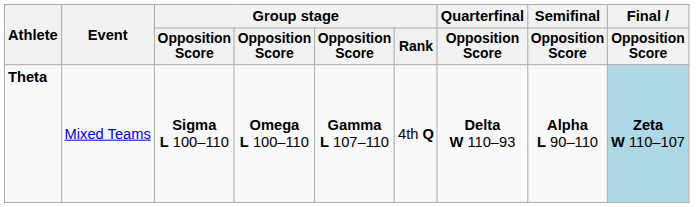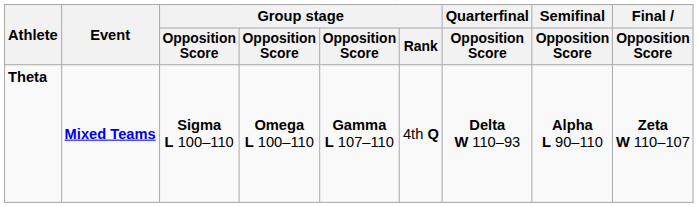 <table class="wikitable" style="font-size:90%">
 <tr>
 <th rowspan=2>Athlete</th>
 <th rowspan=2>Event</th>
 <th colspan=4>Group stage</th>
 <th>Quarterfinal</th>
 <th>Semifinal</th>
 <th>Final / </th>
 </tr>
 <tr style="font-size:95%">
 <th>Opposition<br>Score</th>
 <th>Opposition<br>Score</th>
 <th>Opposition<br>Score</th>
 <th>Rank</th>
 <th>Opposition<br>Score</th>
 <th>Opposition<br>Score</th>
 <th>Opposition<br>Score</th>
 </tr>
 <tr align=center>
 <td align=left><strong>Theta</strong><br><br><br><br><br><br><br><br></td>
-<td align=left><a href='#'>Mixed Teams</a></td>
+<td align=left><strong><a href='#'>Mixed Teams</a></strong></td>
 <td><strong>Sigma</strong> <br> <strong>L</strong> 100–110</td>
 <td><strong>Omega</strong> <br> <strong>L</strong> 100–110</td>
 <td><strong>Gamma</strong> <br> <strong>L</strong> 107–110</td>
 <td>4th <strong>Q</strong></td>
 <td><strong>Delta</strong> <br> <strong>W</strong> 110–93</td>
 <td><strong>Alpha</strong> <br> <strong>L</strong> 90–110</td>
-<td style="background: lightblue;"><strong>Zeta</strong> <br> <strong>W</strong> 110–107 </td>
+<td><strong>Zeta</strong> <br> <strong>W</strong> 110–107 </td>
 </tr>
 </table>
